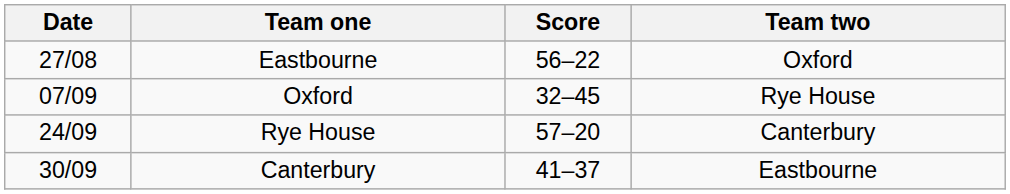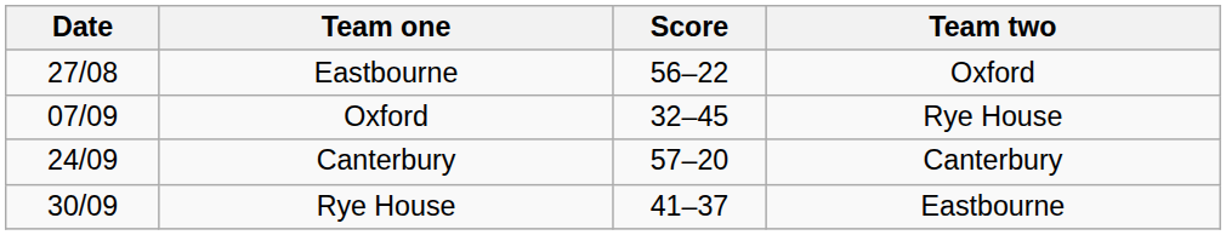 <table class="wikitable" style="text-align: center">
 <tr>
 <th width=80>Date</th>
 <th width=250>Team one</th>
 <th width=80>Score</th>
 <th width=250>Team two</th>
 </tr>
 <tr>
 <td>27/08</td>
 <td>Eastbourne</td>
 <td>56–22</td>
 <td>Oxford</td>
 </tr>
 <tr>
 <td>07/09</td>
 <td>Oxford</td>
 <td>32–45</td>
 <td>Rye House</td>
 </tr>
 <tr>
 <td>24/09</td>
-<td>Rye House</td>
+<td>Canterbury</td>
 <td>57–20</td>
 <td>Canterbury</td>
 </tr>
 <tr>
 <td>30/09</td>
-<td>Canterbury</td>
+<td>Rye House</td>
 <td>41–37</td>
 <td>Eastbourne</td>
 </tr>
 </table>
